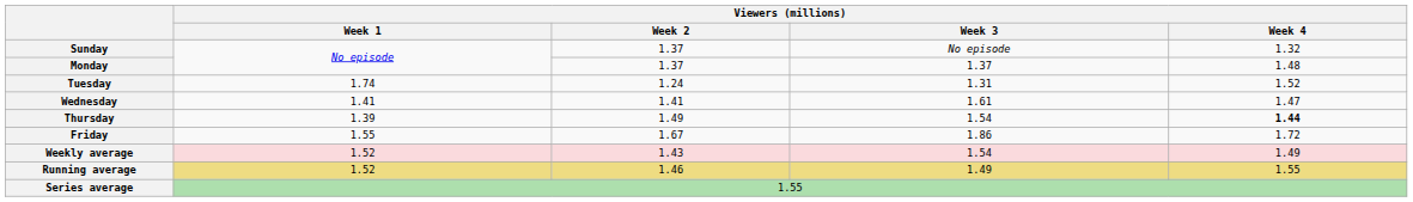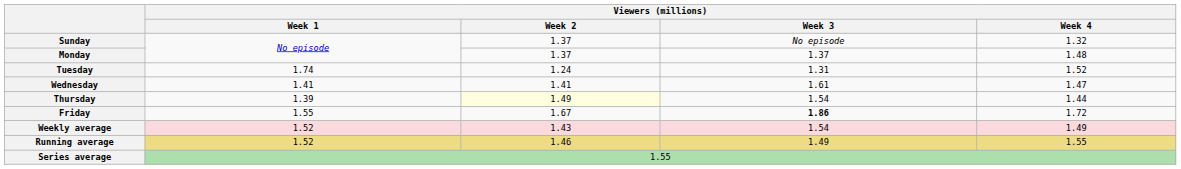 <table class="wikitable" style="font-size:90%; text-align:center; width: 100%; margin-left: auto; margin-right: auto;">
 <tr>
 <th scope="col" rowspan="2" style="width:12%;"></th>
 <th scope=col colspan=7>Viewers (millions)</th>
 </tr>
 <tr>
 <th>Week 1</th>
 <th>Week 2</th>
 <th>Week 3</th>
 <th>Week 4</th>
 </tr>
 <tr>
 <th>Sunday</th>
 <td rowspan="2"><em><a href='#'>No episode</a></em></td>
 <td>1.37</td>
 <td><em>No episode</em></td>
 <td>1.32</td>
 </tr>
 <tr>
 <th>Monday</th>
 <td>1.37</td>
 <td>1.37</td>
 <td>1.48</td>
 </tr>
 <tr>
 <th>Tuesday</th>
 <td>1.74</td>
 <td>1.24</td>
 <td>1.31</td>
 <td>1.52</td>
 </tr>
 <tr>
 <th>Wednesday</th>
 <td>1.41</td>
 <td>1.41</td>
 <td>1.61</td>
 <td>1.47</td>
 </tr>
 <tr>
 <th>Thursday</th>
 <td>1.39</td>
-<td>1.49</td>
+<td style="background: lightyellow;">1.49</td>
 <td>1.54</td>
-<td><strong>1.44</strong></td>
+<td>1.44</td>
 </tr>
 <tr>
 <th>Friday</th>
 <td>1.55</td>
 <td>1.67</td>
-<td>1.86</td>
+<td><strong>1.86</strong></td>
 <td>1.72</td>
 </tr>
 <tr>
 <th>Weekly average</th>
 <td style="background:#FADADD;">1.52</td>
 <td style="background:#FADADD;">1.43</td>
 <td style="background:#FADADD;">1.54</td>
 <td style="background:#FADADD;">1.49</td>
 </tr>
 <tr>
 <th>Running average</th>
 <td style="background:#EEDC82;">1.52</td>
 <td style="background:#EEDC82;">1.46</td>
 <td style="background:#EEDC82;">1.49</td>
 <td style="background:#EEDC82;">1.55</td>
 </tr>
 <tr>
 <th>Series average</th>
 <td colspan="4" style="background:#ADDFAD;">1.55</td>
 </tr>
 </table>
